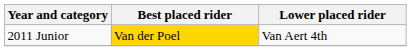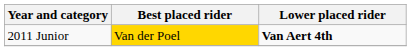 <table class=wikitable>
 <tr>
 <th>Year and category</th>
 <th width=175>Best placed rider</th>
 <th width=175>Lower placed rider</th>
 </tr>
 <tr>
 <td>2011 Junior</td>
 <td bgcolor="FFD700"> Van der Poel</td>
-<td> Van Aert 4th</td>
+<td><strong> Van Aert 4th</strong></td>
 </tr>
 <tr>
 </tr>
 </table>
